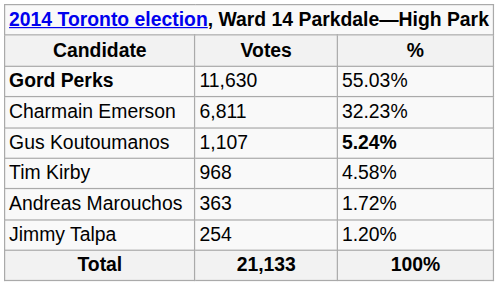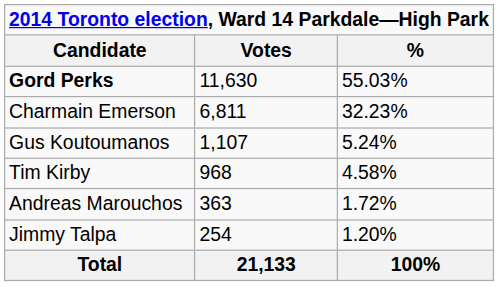 <table class="wikitable">
 <tr>
 <td colspan="3" align="center"><strong><a href='#'>2014 Toronto election</a>, Ward 14 Parkdale—High Park</strong></td>
 </tr>
 <tr>
 <th width="150px" bgcolor="#DDDDFF">Candidate</th>
 <th bgcolor="#DDDDFF">Votes</th>
 <th bgcolor="#DDDDFF">%</th>
 </tr>
 <tr>
 <td><strong>Gord Perks</strong></td>
 <td>11,630</td>
 <td>55.03%</td>
 </tr>
 <tr>
 <td>Charmain Emerson</td>
 <td>6,811</td>
 <td>32.23%</td>
 </tr>
 <tr>
 <td>Gus Koutoumanos</td>
 <td>1,107</td>
-<td><strong>5.24%</strong></td>
+<td>5.24%</td>
 </tr>
 <tr>
 <td>Tim Kirby</td>
 <td>968</td>
 <td>4.58%</td>
 </tr>
 <tr>
 <td>Andreas Marouchos</td>
 <td>363</td>
 <td>1.72%</td>
 </tr>
 <tr>
 <td>Jimmy Talpa</td>
 <td>254</td>
 <td>1.20%</td>
 </tr>
 <tr>
 <th>Total</th>
 <th>21,133</th>
 <th>100%</th>
 </tr>
 </table>
